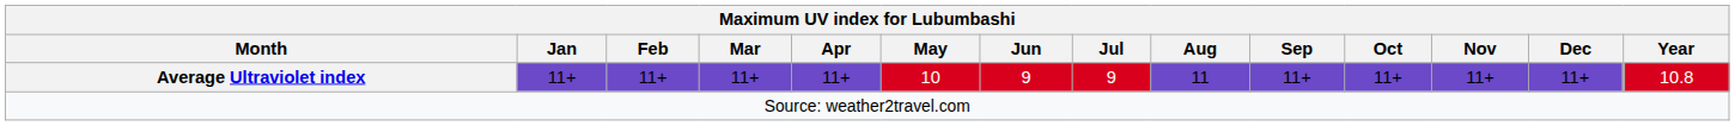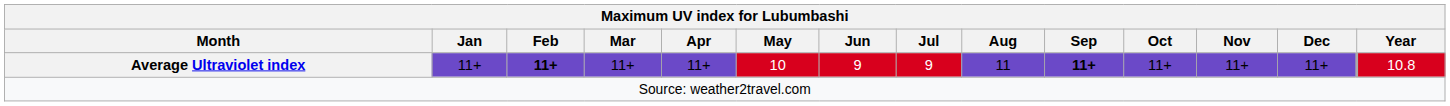 <table style="width:100%;text-align:center;line-height:1.2em;margin-left:auto;margin-right:auto" class="wikitable mw-collapsible">
 <tr>
 <th Colspan=14>Maximum UV index for Lubumbashi</th>
 </tr>
 <tr>
 <th>Month</th>
 <th>Jan</th>
 <th>Feb</th>
 <th>Mar</th>
 <th>Apr</th>
 <th>May</th>
 <th>Jun</th>
 <th>Jul</th>
 <th>Aug</th>
 <th>Sep</th>
 <th>Oct</th>
 <th>Nov</th>
 <th>Dec</th>
 <th>Year</th>
 </tr>
 <tr>
 <th>Average <a href='#'>Ultraviolet index</a></th>
 <td style="background:#6b49c8;color:#000000;">11+</td>
-<td style="background:#6b49c8;color:#000000;">11+</td>
+<td style="background:#6b49c8;color:#000000;"><strong>11+</strong></td>
 <td style="background:#6b49c8;color:#000000;">11+</td>
 <td style="background:#6b49c8;color:#000000;">11+</td>
 <td style="background:#d8001d;color:#FFFFFF;">10</td>
 <td style="background:#d8001d;color:#FFFFFF;">9</td>
 <td style="background:#d8001d;color:#FFFFFF;">9</td>
 <td style="background:#6b49c8;color:#000000;">11</td>
-<td style="background:#6b49c8;color:#000000;">11+</td>
+<td style="background:#6b49c8;color:#000000;"><strong>11+</strong></td>
 <td style="background:#6b49c8;color:#000000;">11+</td>
 <td style="background:#6b49c8;color:#000000;">11+</td>
 <td style="background:#6b49c8;color:#000000;">11+</td>
 <td style="background:#d8001d;color:#FFFFFF;border-left-width:medium">10.8</td>
 </tr>
 <tr>
 <th Colspan=14 style="background:#f8f9fa;font-weight:normal;font-size:95%;">Source: weather2travel.com </th>
 </tr>
 </table>
